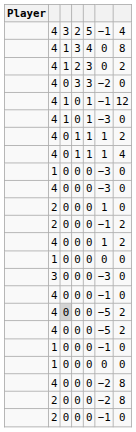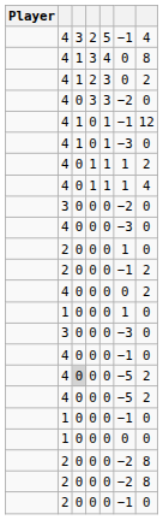 <table class="wikitable sortable" style="text-align:center;">
 <tr>
 <th>Player</th>
 <th></th>
 <th></th>
 <th></th>
 <th></th>
 <th data-sort-type="number"></th>
 <th></th>
 </tr>
 <tr>
 <td></td>
 <td>4</td>
 <td>3</td>
 <td>2</td>
 <td>5</td>
 <td>−1</td>
 <td>4</td>
 </tr>
 <tr>
 <td></td>
 <td>4</td>
 <td>1</td>
 <td>3</td>
 <td>4</td>
 <td>0</td>
 <td>8</td>
 </tr>
 <tr>
 <td></td>
 <td>4</td>
 <td>1</td>
 <td>2</td>
 <td>3</td>
 <td>0</td>
 <td>2</td>
 </tr>
 <tr>
 <td></td>
 <td>4</td>
 <td>0</td>
 <td>3</td>
 <td>3</td>
 <td>−2</td>
 <td>0</td>
 </tr>
 <tr>
 <td></td>
 <td>4</td>
 <td>1</td>
 <td>0</td>
 <td>1</td>
 <td>−1</td>
 <td>12</td>
 </tr>
 <tr>
 <td></td>
 <td>4</td>
 <td>1</td>
 <td>0</td>
 <td>1</td>
 <td>−3</td>
 <td>0</td>
 </tr>
 <tr>
 <td></td>
 <td>4</td>
 <td>0</td>
 <td>1</td>
 <td>1</td>
 <td>1</td>
 <td>2</td>
 </tr>
 <tr>
 <td></td>
 <td>4</td>
 <td>0</td>
 <td>1</td>
 <td>1</td>
 <td>1</td>
 <td>4</td>
 </tr>
 <tr>
 <td></td>
-<td>1</td>
+<td>3</td>
 <td>0</td>
 <td>0</td>
 <td>0</td>
-<td>−3</td>
+<td>−2</td>
 <td>0</td>
 </tr>
 <tr>
 <td></td>
 <td>4</td>
 <td>0</td>
 <td>0</td>
 <td>0</td>
 <td>−3</td>
 <td>0</td>
 </tr>
 <tr>
 <td></td>
 <td>2</td>
 <td>0</td>
 <td>0</td>
 <td>0</td>
 <td>1</td>
 <td>0</td>
 </tr>
 <tr>
 <td></td>
 <td>2</td>
 <td>0</td>
 <td>0</td>
 <td>0</td>
 <td>−1</td>
 <td>2</td>
 </tr>
 <tr>
 <td></td>
 <td>4</td>
 <td>0</td>
 <td>0</td>
 <td>0</td>
-<td>1</td>
+<td>0</td>
 <td>2</td>
 </tr>
 <tr>
 <td></td>
 <td>1</td>
 <td>0</td>
 <td>0</td>
 <td>0</td>
-<td>0</td>
+<td>1</td>
 <td>0</td>
 </tr>
 <tr>
 <td></td>
 <td>3</td>
 <td>0</td>
 <td>0</td>
 <td>0</td>
 <td>−3</td>
 <td>0</td>
 </tr>
 <tr>
 <td></td>
 <td>4</td>
 <td>0</td>
 <td>0</td>
 <td>0</td>
 <td>−1</td>
 <td>0</td>
 </tr>
 <tr>
 <td></td>
 <td>4</td>
 <td style="background: lightgrey;">0</td>
 <td>0</td>
 <td>0</td>
 <td>−5</td>
 <td>2</td>
 </tr>
 <tr>
 <td></td>
 <td>4</td>
 <td>0</td>
 <td>0</td>
 <td>0</td>
 <td>−5</td>
 <td>2</td>
 </tr>
 <tr>
 <td></td>
 <td>1</td>
 <td>0</td>
 <td>0</td>
 <td>0</td>
 <td>−1</td>
 <td>0</td>
 </tr>
 <tr>
 <td></td>
 <td>1</td>
 <td>0</td>
 <td>0</td>
 <td>0</td>
 <td>0</td>
 <td>0</td>
 </tr>
 <tr>
 <td></td>
-<td>4</td>
+<td>2</td>
 <td>0</td>
 <td>0</td>
 <td>0</td>
 <td>−2</td>
 <td>8</td>
 </tr>
 <tr>
 <td></td>
 <td>2</td>
 <td>0</td>
 <td>0</td>
 <td>0</td>
 <td>−2</td>
 <td>8</td>
 </tr>
 <tr>
 <td></td>
 <td>2</td>
 <td>0</td>
 <td>0</td>
 <td>0</td>
 <td>−1</td>
 <td>0</td>
 </tr>
 </table>
